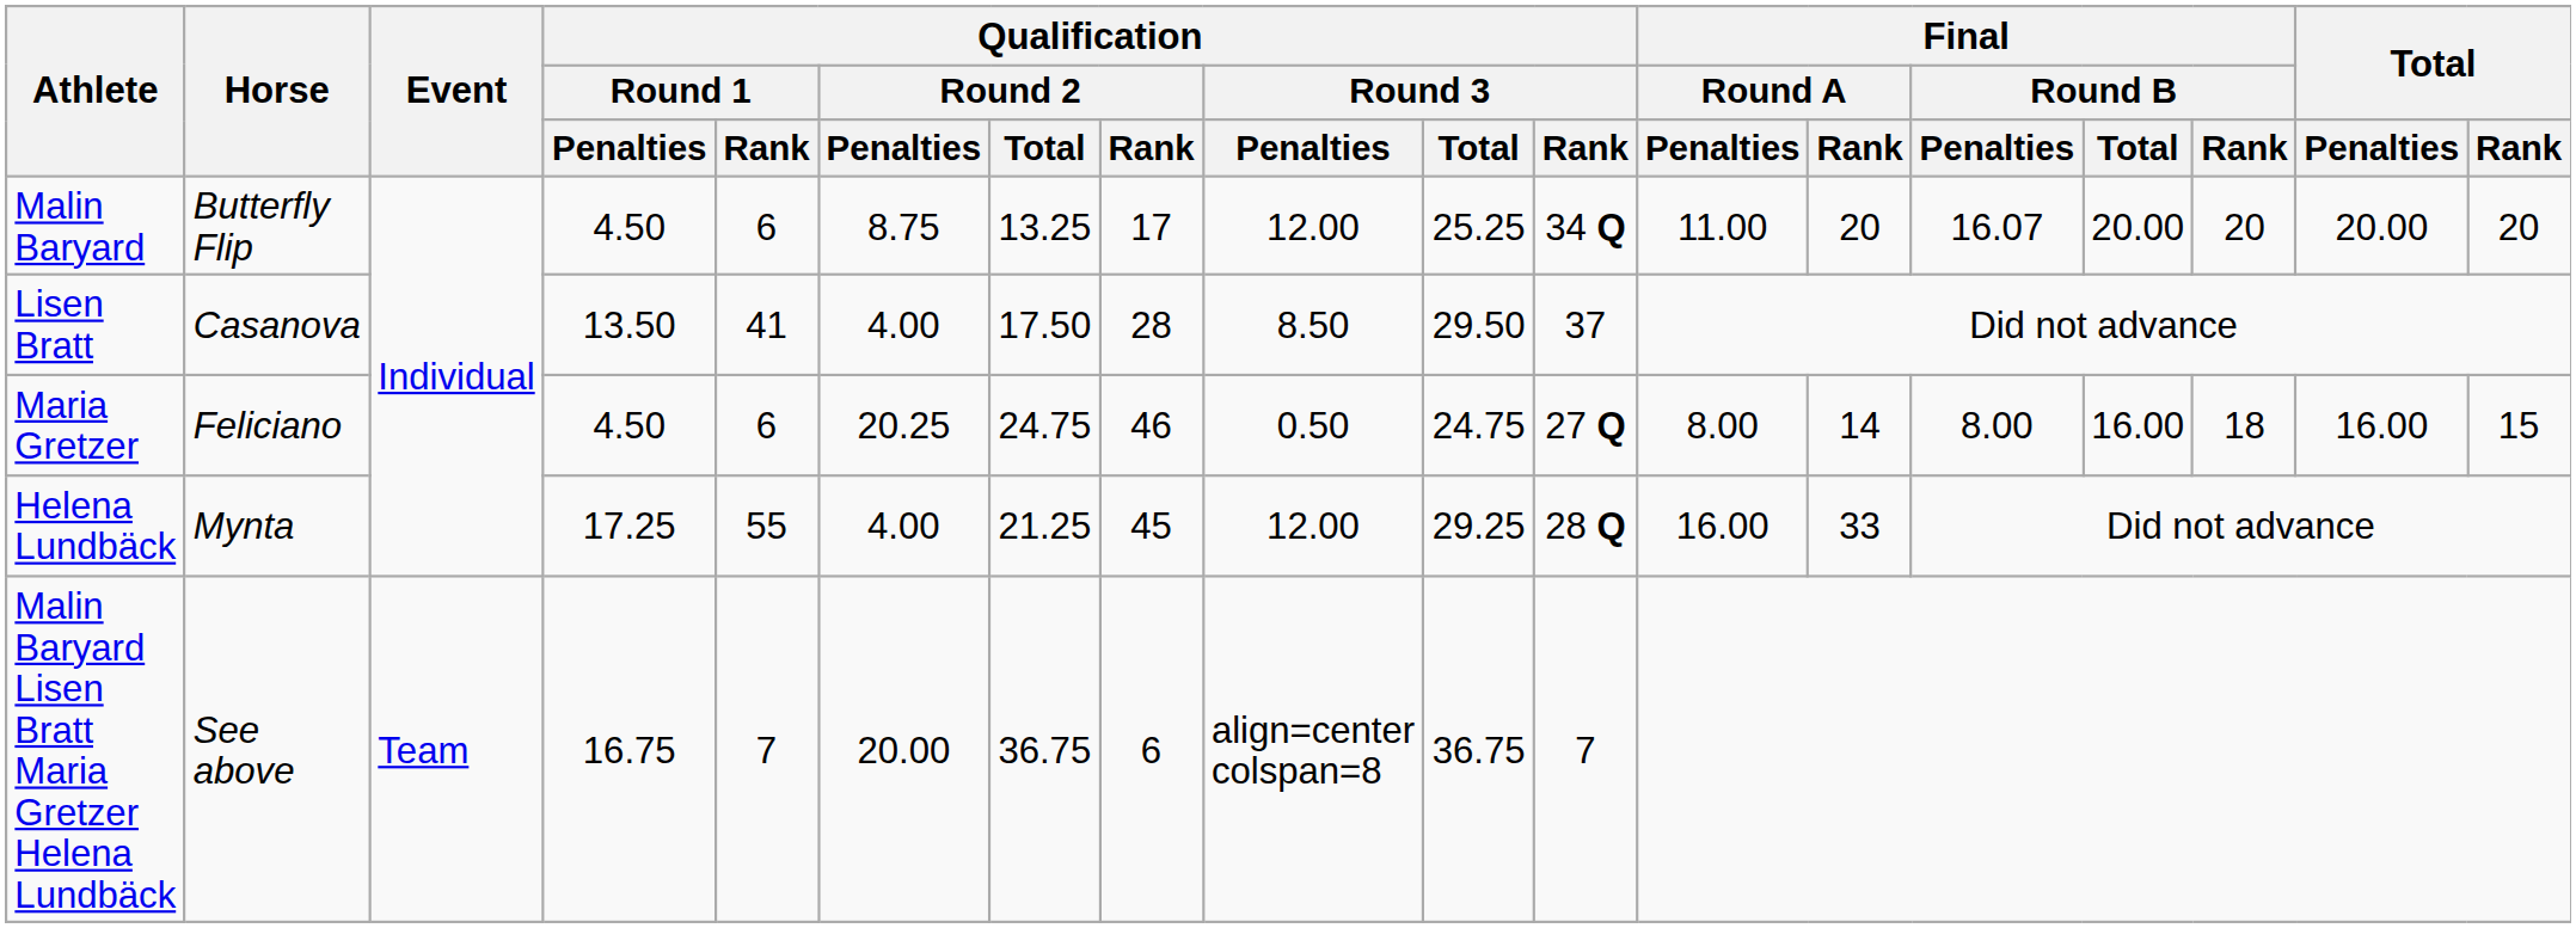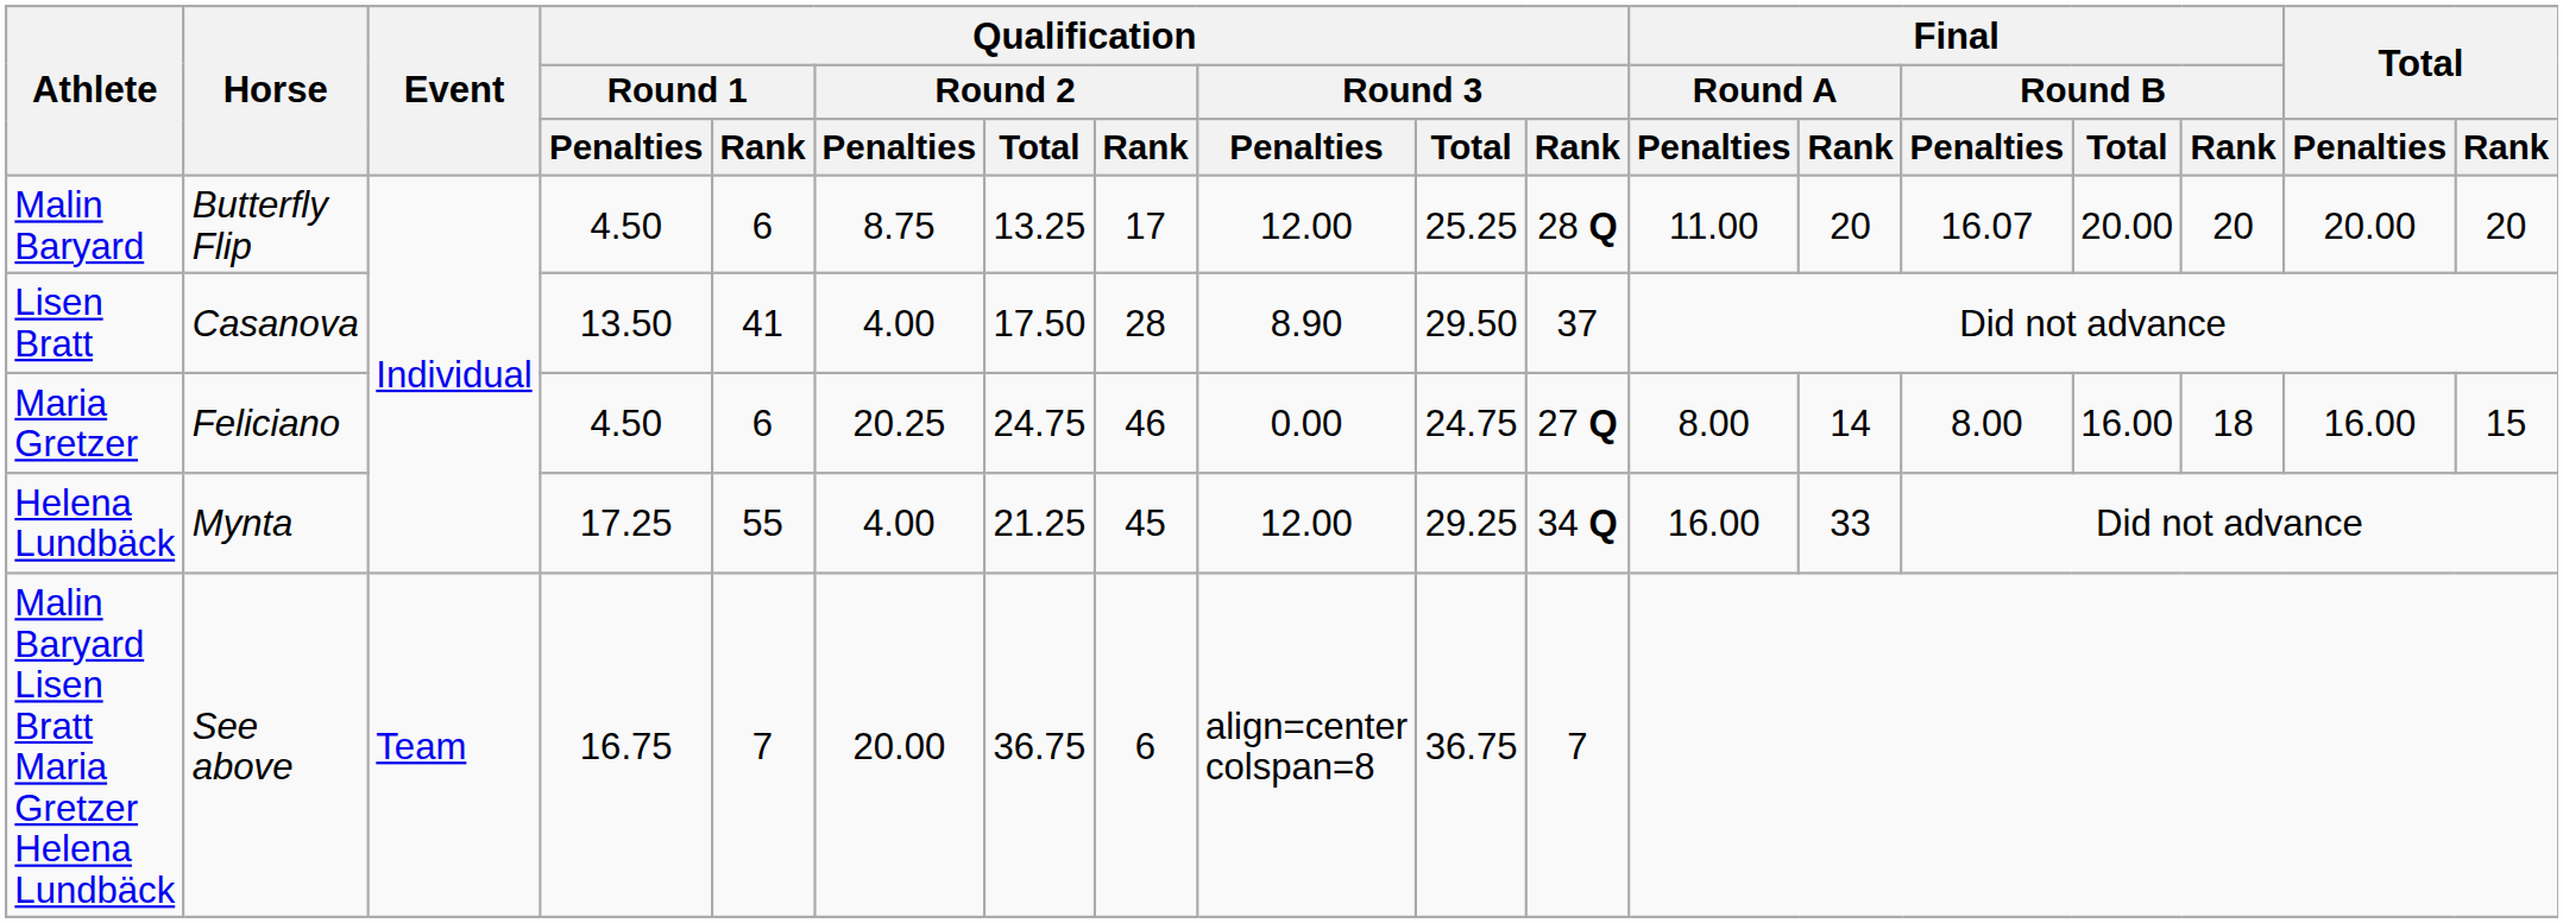 <table class="wikitable" style="font-size:90%">
 <tr>
 <th rowspan="3">Athlete</th>
 <th rowspan="3">Horse</th>
 <th rowspan="3">Event</th>
 <th colspan="8">Qualification</th>
 <th colspan="5">Final</th>
 <th rowspan=2 colspan="2">Total</th>
 </tr>
 <tr style="font-size:95%">
 <th colspan="2">Round 1</th>
 <th colspan="3">Round 2</th>
 <th colspan="3">Round 3</th>
 <th colspan="2">Round A</th>
 <th colspan="3">Round B</th>
 </tr>
 <tr style="font-size:95%">
 <th>Penalties</th>
 <th>Rank</th>
 <th>Penalties</th>
 <th>Total</th>
 <th>Rank</th>
 <th>Penalties</th>
 <th>Total</th>
 <th>Rank</th>
 <th>Penalties</th>
 <th>Rank</th>
 <th>Penalties</th>
 <th>Total</th>
 <th>Rank</th>
 <th>Penalties</th>
 <th>Rank</th>
 </tr>
 <tr>
 <td align=left><a href='#'>Malin Baryard</a></td>
 <td align=left><em>Butterfly Flip</em></td>
 <td align=left rowspan=4><a href='#'>Individual</a></td>
 <td align=center>4.50</td>
 <td align=center>6</td>
 <td align=center>8.75</td>
 <td align=center>13.25</td>
 <td align=center>17</td>
 <td align=center>12.00</td>
 <td align=center>25.25</td>
-<td align=center>34 <strong>Q</strong></td>
+<td align=center>28 <strong>Q</strong></td>
 <td align=center>11.00</td>
 <td align=center>20</td>
 <td align=center>16.07</td>
 <td align=center>20.00</td>
 <td align=center>20</td>
 <td align=center>20.00</td>
 <td align=center>20</td>
 </tr>
 <tr>
 <td align=left><a href='#'>Lisen Bratt</a></td>
 <td align=left><em>Casanova</em></td>
 <td align=center>13.50</td>
 <td align=center>41</td>
 <td align=center>4.00</td>
 <td align=center>17.50</td>
 <td align=center>28</td>
-<td align=center>8.50</td>
+<td align=center>8.90</td>
 <td align=center>29.50</td>
 <td align=center>37</td>
 <td align=center colspan=7>Did not advance</td>
 </tr>
 <tr>
 <td align=left><a href='#'>Maria Gretzer</a></td>
 <td align=left><em>Feliciano</em></td>
 <td align=center>4.50</td>
 <td align=center>6</td>
 <td align=center>20.25</td>
 <td align=center>24.75</td>
 <td align=center>46</td>
-<td align=center>0.50</td>
+<td align=center>0.00</td>
 <td align=center>24.75</td>
 <td align=center>27 <strong>Q</strong></td>
 <td align=center>8.00</td>
 <td align=center>14</td>
 <td align=center>8.00</td>
 <td align=center>16.00</td>
 <td align=center>18</td>
 <td align=center>16.00</td>
 <td align=center>15</td>
 </tr>
 <tr>
 <td align=left><a href='#'>Helena Lundbäck</a></td>
 <td align=left><em>Mynta</em></td>
 <td align=center>17.25</td>
 <td align=center>55</td>
 <td align=center>4.00</td>
 <td align=center>21.25</td>
 <td align=center>45</td>
 <td align=center>12.00</td>
 <td align=center>29.25</td>
-<td align=center>28 <strong>Q</strong></td>
+<td align=center>34 <strong>Q</strong></td>
 <td align=center>16.00</td>
 <td align=center>33</td>
 <td align=center colspan=5>Did not advance</td>
 </tr>
 <tr>
 <td align=left><a href='#'>Malin Baryard</a><br> <a href='#'>Lisen Bratt</a><br> <a href='#'>Maria Gretzer</a><br> <a href='#'>Helena Lundbäck</a></td>
 <td align=left><em>See above</em></td>
 <td align=left><a href='#'>Team</a></td>
 <td align=center>16.75</td>
 <td align=center>7</td>
 <td align=center>20.00</td>
 <td align=center>36.75</td>
 <td align=center>6</td>
 <td>align=center colspan=8 </td>
 <td align=center>36.75</td>
 <td align=center>7</td>
 </tr>
 </table>
